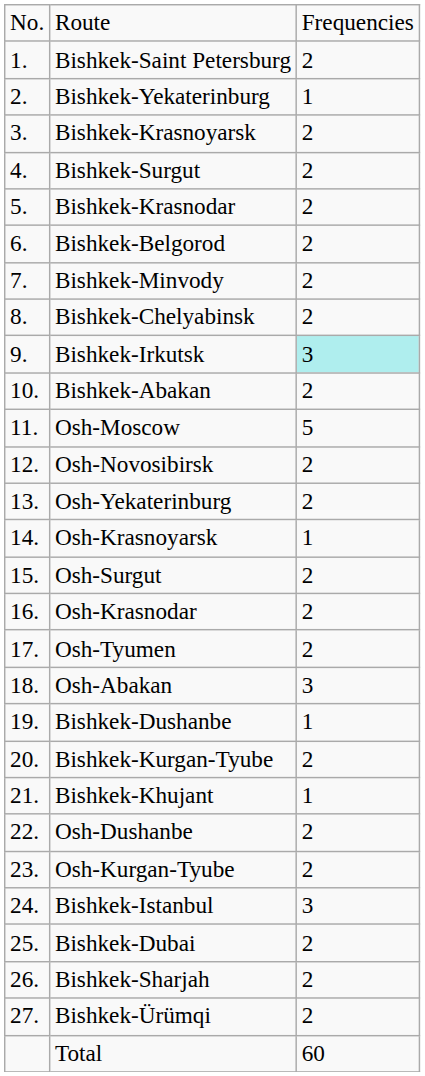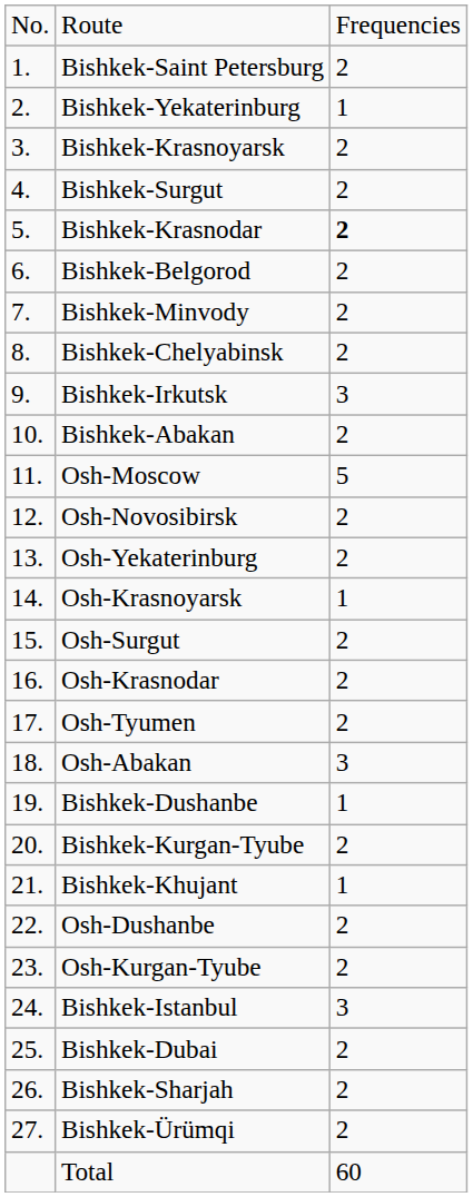 <table class="wikitable">
 <tr>
 <td>No.</td>
 <td>Route</td>
 <td>Frequencies</td>
 </tr>
 <tr>
 <td>1.</td>
 <td>Bishkek-Saint Petersburg</td>
 <td>2</td>
 </tr>
 <tr>
 <td>2.</td>
 <td>Bishkek-Yekaterinburg</td>
 <td>1</td>
 </tr>
 <tr>
 <td>3.</td>
 <td>Bishkek-Krasnoyarsk</td>
 <td>2</td>
 </tr>
 <tr>
 <td>4.</td>
 <td>Bishkek-Surgut</td>
 <td>2</td>
 </tr>
 <tr>
 <td>5.</td>
 <td>Bishkek-Krasnodar</td>
-<td>2</td>
+<td><strong>2</strong></td>
 </tr>
 <tr>
 <td>6.</td>
 <td>Bishkek-Belgorod</td>
 <td>2</td>
 </tr>
 <tr>
 <td>7.</td>
 <td>Bishkek-Minvody</td>
 <td>2</td>
 </tr>
 <tr>
 <td>8.</td>
 <td>Bishkek-Chelyabinsk</td>
 <td>2</td>
 </tr>
 <tr>
 <td>9.</td>
 <td>Bishkek-Irkutsk</td>
-<td style="background: paleturquoise;">3</td>
+<td>3</td>
 </tr>
 <tr>
 <td>10.</td>
 <td>Bishkek-Abakan</td>
 <td>2</td>
 </tr>
 <tr>
 <td>11.</td>
 <td>Osh-Moscow</td>
 <td>5</td>
 </tr>
 <tr>
 <td>12.</td>
 <td>Osh-Novosibirsk</td>
 <td>2</td>
 </tr>
 <tr>
 <td>13.</td>
 <td>Osh-Yekaterinburg</td>
 <td>2</td>
 </tr>
 <tr>
 <td>14.</td>
 <td>Osh-Krasnoyarsk</td>
 <td>1</td>
 </tr>
 <tr>
 <td>15.</td>
 <td>Osh-Surgut</td>
 <td>2</td>
 </tr>
 <tr>
 <td>16.</td>
 <td>Osh-Krasnodar</td>
 <td>2</td>
 </tr>
 <tr>
 <td>17.</td>
 <td>Osh-Tyumen</td>
 <td>2</td>
 </tr>
 <tr>
 <td>18.</td>
 <td>Osh-Abakan</td>
 <td>3</td>
 </tr>
 <tr>
 <td>19.</td>
 <td>Bishkek-Dushanbe</td>
 <td>1</td>
 </tr>
 <tr>
 <td>20.</td>
 <td>Bishkek-Kurgan-Tyube</td>
 <td>2</td>
 </tr>
 <tr>
 <td>21.</td>
 <td>Bishkek-Khujant</td>
 <td>1</td>
 </tr>
 <tr>
 <td>22.</td>
 <td>Osh-Dushanbe</td>
 <td>2</td>
 </tr>
 <tr>
 <td>23.</td>
 <td>Osh-Kurgan-Tyube</td>
 <td>2</td>
 </tr>
 <tr>
 <td>24.</td>
 <td>Bishkek-Istanbul</td>
 <td>3</td>
 </tr>
 <tr>
 <td>25.</td>
 <td>Bishkek-Dubai</td>
 <td>2</td>
 </tr>
 <tr>
 <td>26.</td>
 <td>Bishkek-Sharjah</td>
 <td>2</td>
 </tr>
 <tr>
 <td>27.</td>
 <td>Bishkek-Ürümqi</td>
 <td>2</td>
 </tr>
 <tr>
 <td></td>
 <td>Total</td>
 <td>60</td>
 </tr>
 </table>
